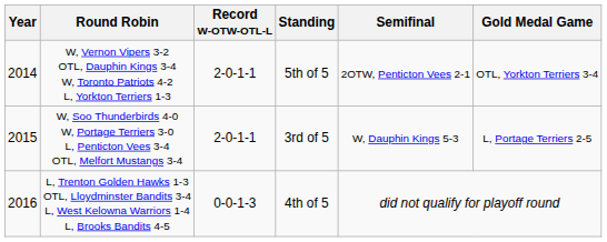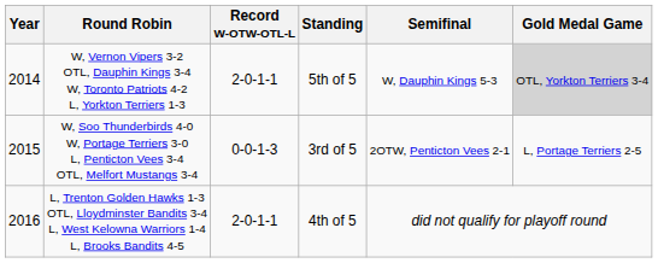 <table class="wikitable" style="text-align:center;">
 <tr>
 <th>Year</th>
 <th>Round Robin</th>
 <th>Record<br><small>W-OTW-OTL-L</small></th>
 <th>Standing</th>
 <th>Semifinal</th>
 <th>Gold Medal Game</th>
 </tr>
 <tr>
 <td>2014</td>
 <td><small>W, <a href='#'>Vernon Vipers</a> 3-2<br>OTL, <a href='#'>Dauphin Kings</a> 3-4<br>W, <a href='#'>Toronto Patriots</a> 4-2<br>L, <a href='#'>Yorkton Terriers</a> 1-3</small></td>
 <td>2-0-1-1</td>
 <td>5th of 5</td>
-<td><small>2OTW, <a href='#'>Penticton Vees</a> 2-1</small></td>
-<td><small>OTL, <a href='#'>Yorkton Terriers</a> 3-4</small></td>
+<td><small>W, <a href='#'>Dauphin Kings</a> 5-3</small></td>
+<td style="background: lightgrey;"><small>OTL, <a href='#'>Yorkton Terriers</a> 3-4</small></td>
 </tr>
 <tr>
 <td>2015</td>
 <td><small>W, <a href='#'>Soo Thunderbirds</a> 4-0<br>W, <a href='#'>Portage Terriers</a> 3-0<br>L, <a href='#'>Penticton Vees</a> 3-4<br>OTL, <a href='#'>Melfort Mustangs</a> 3-4</small></td>
-<td>2-0-1-1</td>
+<td>0-0-1-3</td>
 <td>3rd of 5</td>
-<td><small>W, <a href='#'>Dauphin Kings</a> 5-3</small></td>
+<td><small>2OTW, <a href='#'>Penticton Vees</a> 2-1</small></td>
 <td><small>L, <a href='#'>Portage Terriers</a> 2-5</small></td>
 </tr>
 <tr>
 <td>2016</td>
 <td><small>L, <a href='#'>Trenton Golden Hawks</a> 1-3<br>OTL, <a href='#'>Lloydminster Bandits</a> 3-4<br>L, <a href='#'>West Kelowna Warriors</a> 1-4<br>L, <a href='#'>Brooks Bandits</a> 4-5</small></td>
-<td>0-0-1-3</td>
+<td>2-0-1-1</td>
 <td>4th of 5</td>
 <td colspan=2><em>did not qualify for playoff round</em></td>
 </tr>
 </table>
